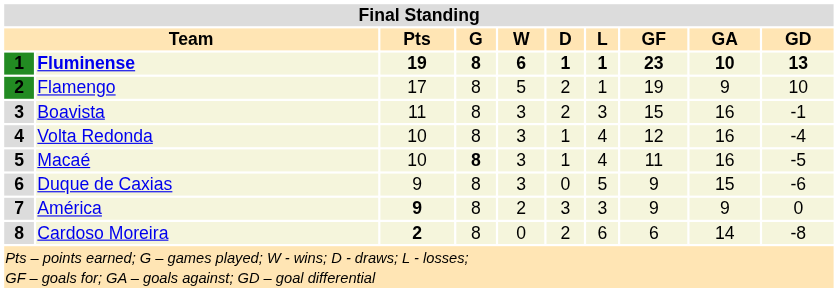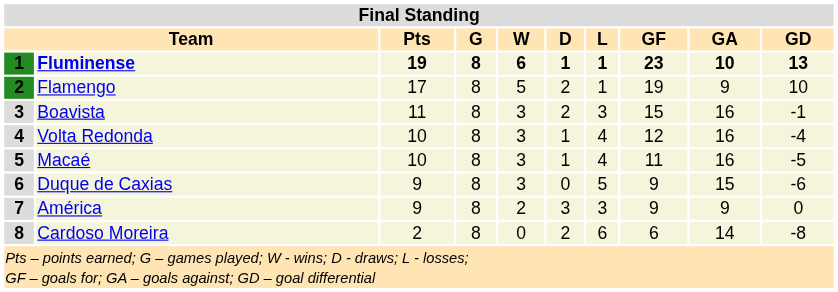 <table width=60%>
 <tr>
 <th colspan="10" bgcolor=#DCDCDC><span>Final Standing</span></th>
 </tr>
 <tr>
 <th colspan="2" bgcolor=#ffe5b4><span>Team</span></th>
 <th bgcolor=#ffe5b4 align="center"><span>Pts</span></th>
 <th bgcolor=#ffe5b4 align="center"><span>G</span></th>
 <th bgcolor=#ffe5b4 align="center"><span>W</span></th>
 <th bgcolor=#ffe5b4 align="center"><span>D</span></th>
 <th bgcolor=#ffe5b4 align="center"><span>L</span></th>
 <th bgcolor=#ffe5b4 align="center"><span>GF</span></th>
 <th bgcolor=#ffe5b4 align="center"><span>GA</span></th>
 <th bgcolor=#ffe5b4 align="center"><span>GD</span></th>
 </tr>
 <tr>
 <th bgcolor=#228B22 align="center"><span>1</span></th>
 <td bgcolor=#f5f5dc><strong><a href='#'>Fluminense</a></strong></td>
 <td bgcolor=#f5f5dc align="center"><strong>19</strong></td>
 <td bgcolor=#f5f5dc align="center"><strong>8</strong></td>
 <td bgcolor=#f5f5dc align="center"><strong>6</strong></td>
 <td bgcolor=#f5f5dc align="center"><strong>1</strong></td>
 <td bgcolor=#f5f5dc align="center"><strong>1</strong></td>
 <td bgcolor=#f5f5dc align="center"><strong>23</strong></td>
 <td bgcolor=#f5f5dc align="center"><strong>10</strong></td>
 <td bgcolor=#f5f5dc align="center"><strong>13</strong></td>
 </tr>
 <tr>
 <th bgcolor=#228B22 align="center"><span>2</span></th>
 <td bgcolor=#f5f5dc><a href='#'>Flamengo</a></td>
 <td bgcolor=#f5f5dc align="center">17</td>
 <td bgcolor=#f5f5dc align="center">8</td>
 <td bgcolor=#f5f5dc align="center">5</td>
 <td bgcolor=#f5f5dc align="center">2</td>
 <td bgcolor=#f5f5dc align="center">1</td>
 <td bgcolor=#f5f5dc align="center">19</td>
 <td bgcolor=#f5f5dc align="center">9</td>
 <td bgcolor=#f5f5dc align="center">10</td>
 </tr>
 <tr>
 <th bgcolor=#DCDCDC align="center"><span>3</span></th>
 <td bgcolor=#f5f5dc><a href='#'>Boavista</a></td>
 <td bgcolor=#f5f5dc align="center">11</td>
 <td bgcolor=#f5f5dc align="center">8</td>
 <td bgcolor=#f5f5dc align="center">3</td>
 <td bgcolor=#f5f5dc align="center">2</td>
 <td bgcolor=#f5f5dc align="center">3</td>
 <td bgcolor=#f5f5dc align="center">15</td>
 <td bgcolor=#f5f5dc align="center">16</td>
 <td bgcolor=#f5f5dc align="center">-1</td>
 </tr>
 <tr>
 <th bgcolor=#DCDCDC align="center"><span>4</span></th>
 <td bgcolor=#f5f5dc><a href='#'>Volta Redonda</a></td>
 <td bgcolor=#f5f5dc align="center">10</td>
 <td bgcolor=#f5f5dc align="center">8</td>
 <td bgcolor=#f5f5dc align="center">3</td>
 <td bgcolor=#f5f5dc align="center">1</td>
 <td bgcolor=#f5f5dc align="center">4</td>
 <td bgcolor=#f5f5dc align="center">12</td>
 <td bgcolor=#f5f5dc align="center">16</td>
 <td bgcolor=#f5f5dc align="center">-4</td>
 </tr>
 <tr>
 <th bgcolor=#DCDCDC align="center"><span>5</span></th>
 <td bgcolor=#f5f5dc><a href='#'>Macaé</a></td>
 <td bgcolor=#f5f5dc align="center">10</td>
-<td bgcolor=#f5f5dc align="center"><strong>8</strong></td>
+<td bgcolor=#f5f5dc align="center">8</td>
 <td bgcolor=#f5f5dc align="center">3</td>
 <td bgcolor=#f5f5dc align="center">1</td>
 <td bgcolor=#f5f5dc align="center">4</td>
 <td bgcolor=#f5f5dc align="center">11</td>
 <td bgcolor=#f5f5dc align="center">16</td>
 <td bgcolor=#f5f5dc align="center">-5</td>
 </tr>
 <tr>
 <th bgcolor=#DCDCDC align="center"><span>6</span></th>
 <td bgcolor=#f5f5dc><a href='#'>Duque de Caxias</a></td>
 <td bgcolor=#f5f5dc align="center">9</td>
 <td bgcolor=#f5f5dc align="center">8</td>
 <td bgcolor=#f5f5dc align="center">3</td>
 <td bgcolor=#f5f5dc align="center">0</td>
 <td bgcolor=#f5f5dc align="center">5</td>
 <td bgcolor=#f5f5dc align="center">9</td>
 <td bgcolor=#f5f5dc align="center">15</td>
 <td bgcolor=#f5f5dc align="center">-6</td>
 </tr>
 <tr>
 <th bgcolor=#DCDCDC align="center"><span>7</span></th>
 <td bgcolor=#f5f5dc><a href='#'>América</a></td>
-<td bgcolor=#f5f5dc align="center"><strong>9</strong></td>
+<td bgcolor=#f5f5dc align="center">9</td>
 <td bgcolor=#f5f5dc align="center">8</td>
 <td bgcolor=#f5f5dc align="center">2</td>
 <td bgcolor=#f5f5dc align="center">3</td>
 <td bgcolor=#f5f5dc align="center">3</td>
 <td bgcolor=#f5f5dc align="center">9</td>
 <td bgcolor=#f5f5dc align="center">9</td>
 <td bgcolor=#f5f5dc align="center">0</td>
 </tr>
 <tr>
 <th bgcolor=#DCDCDC align="center"><span>8</span></th>
 <td bgcolor=#f5f5dc><a href='#'>Cardoso Moreira</a></td>
-<td bgcolor=#f5f5dc align="center"><strong>2</strong></td>
+<td bgcolor=#f5f5dc align="center">2</td>
 <td bgcolor=#f5f5dc align="center">8</td>
 <td bgcolor=#f5f5dc align="center">0</td>
 <td bgcolor=#f5f5dc align="center">2</td>
 <td bgcolor=#f5f5dc align="center">6</td>
 <td bgcolor=#f5f5dc align="center">6</td>
 <td bgcolor=#f5f5dc align="center">14</td>
 <td bgcolor=#f5f5dc align="center">-8</td>
 </tr>
 <tr bgcolor=#ffe5b4>
 <td colspan="10"><small><em>Pts – points earned; G – games played; W - wins; D - draws; L - losses;</em></small><br> <small><em>GF – goals for; GA – goals against; GD – goal differential</em></small></td>
 </tr>
 </table>
